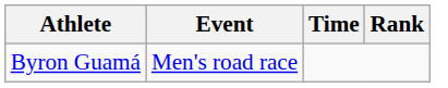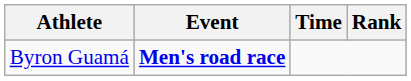 <table class="wikitable" style="font-size:90%">
 <tr>
 <th>Athlete</th>
 <th>Event</th>
 <th>Time</th>
 <th>Rank</th>
 </tr>
 <tr align=center>
 <td align=left><a href='#'>Byron Guamá</a></td>
-<td align=left><a href='#'>Men's road race</a></td>
+<td align=left><strong><a href='#'>Men's road race</a></strong></td>
 <td colspan=2></td>
 </tr>
 </table>
